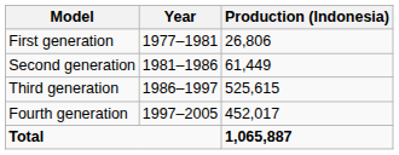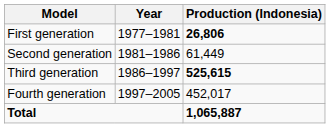 <table class="wikitable">
 <tr>
 <th>Model</th>
 <th>Year</th>
 <th>Production (Indonesia)</th>
 </tr>
 <tr>
 <td>First generation</td>
 <td>1977–1981</td>
-<td>26,806</td>
+<td><strong>26,806</strong></td>
 </tr>
 <tr>
 <td>Second generation</td>
 <td>1981–1986</td>
 <td>61,449</td>
 </tr>
 <tr>
 <td>Third generation</td>
 <td>1986–1997</td>
-<td>525,615</td>
+<td><strong>525,615</strong></td>
 </tr>
 <tr>
 <td>Fourth generation</td>
 <td>1997–2005</td>
 <td>452,017</td>
 </tr>
 <tr>
 <td colspan="2"><strong>Total</strong></td>
 <td><strong>1,065,887</strong></td>
 </tr>
 </table>
